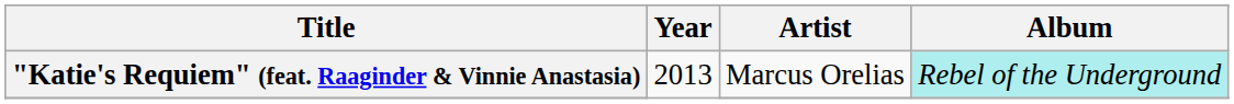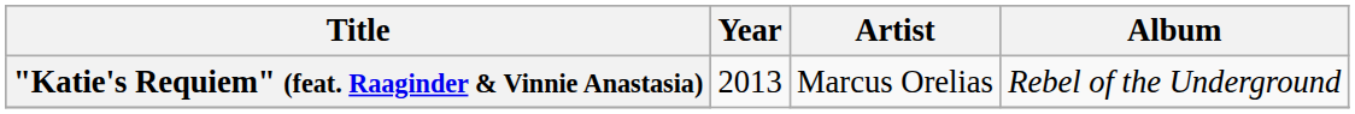 <table class="wikitable plainrowheaders" style="text-align:center;">
 <tr>
 <th scope="col">Title</th>
 <th scope="col">Year</th>
 <th scope="col">Artist</th>
 <th scope="col">Album</th>
 </tr>
 <tr>
 <th scope="row">"Katie's Requiem" <small>(feat. <a href='#'>Raaginder</a> & Vinnie Anastasia)</small></th>
 <td rowspan="4">2013</td>
 <td>Marcus Orelias</td>
-<td style="background: paleturquoise;"><em>Rebel of the Underground</em></td>
+<td><em>Rebel of the Underground</em></td>
 </tr>
 <tr>
 </tr>
 </table>
